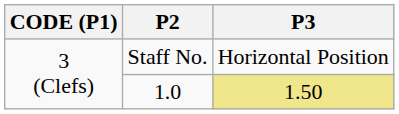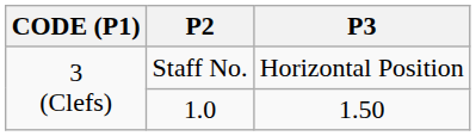 <table class="wikitable" style="text-align: center">
 <tr>
 <th>CODE (P1)</th>
 <th>P2</th>
 <th>P3</th>
 </tr>
 <tr>
 <td rowspan="2">3<br>(Clefs)</td>
 <td>Staff No.</td>
 <td>Horizontal Position</td>
 </tr>
 <tr>
 <td>1.0</td>
-<td style="background: khaki;">1.50</td>
+<td>1.50</td>
 </tr>
 </table>
